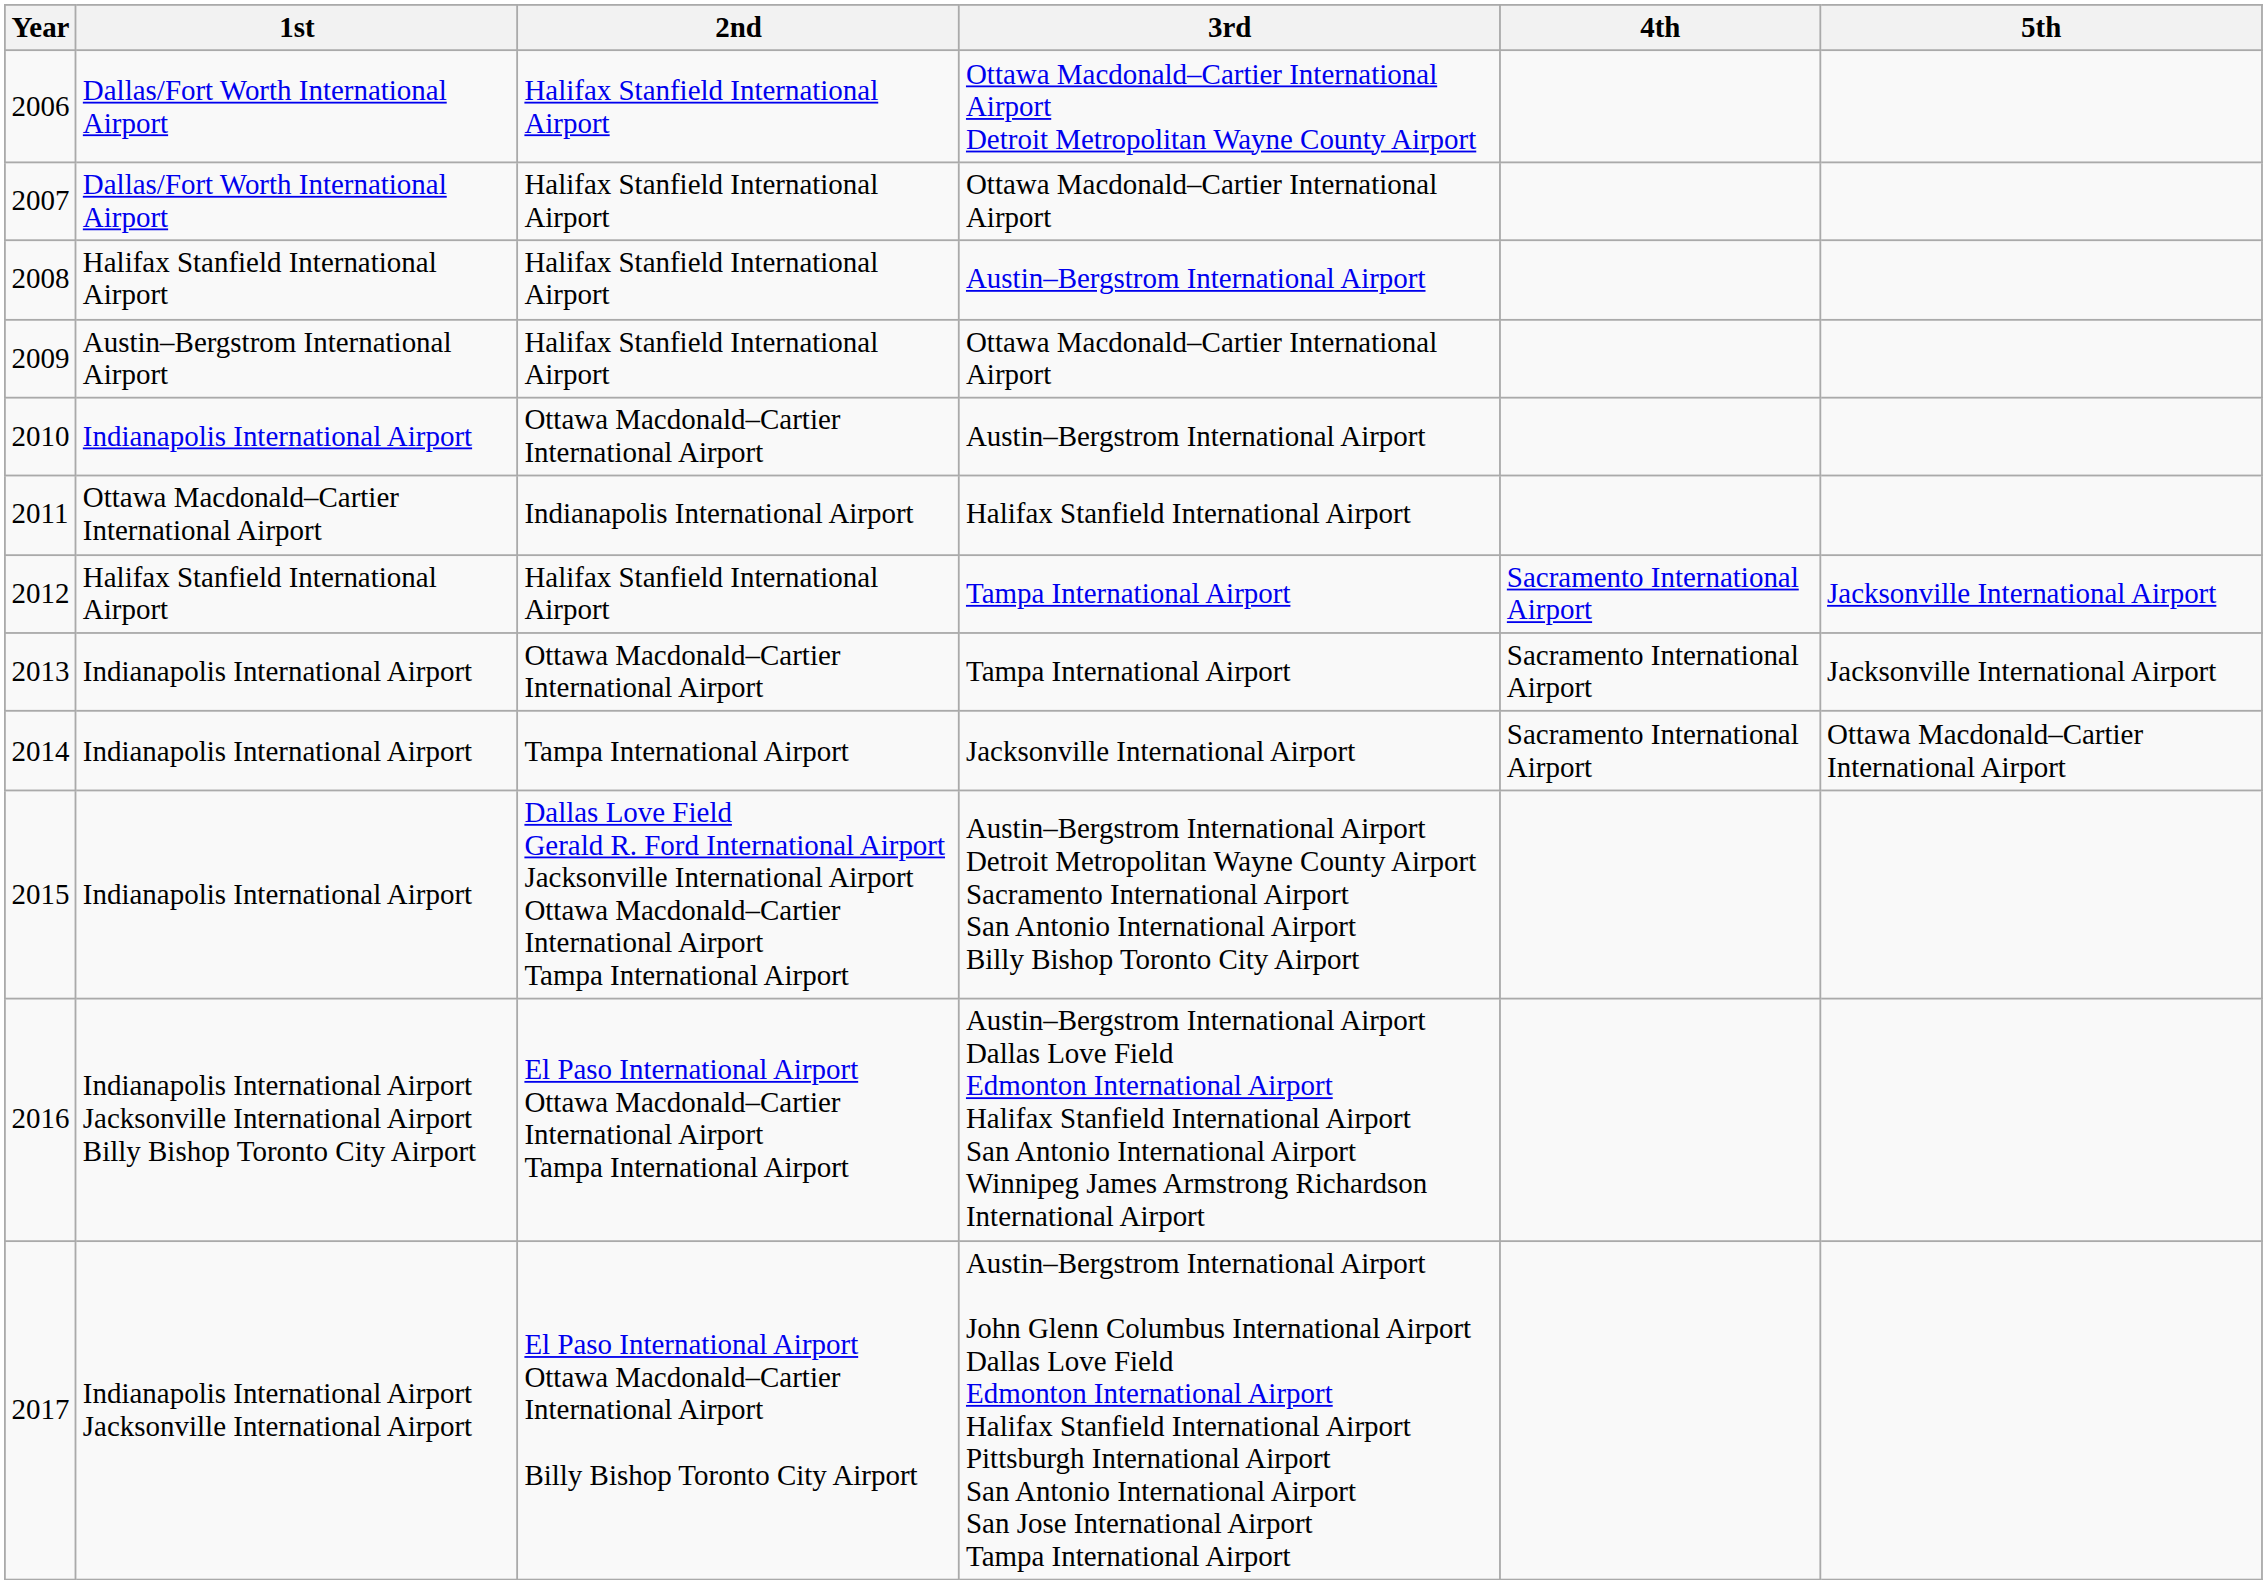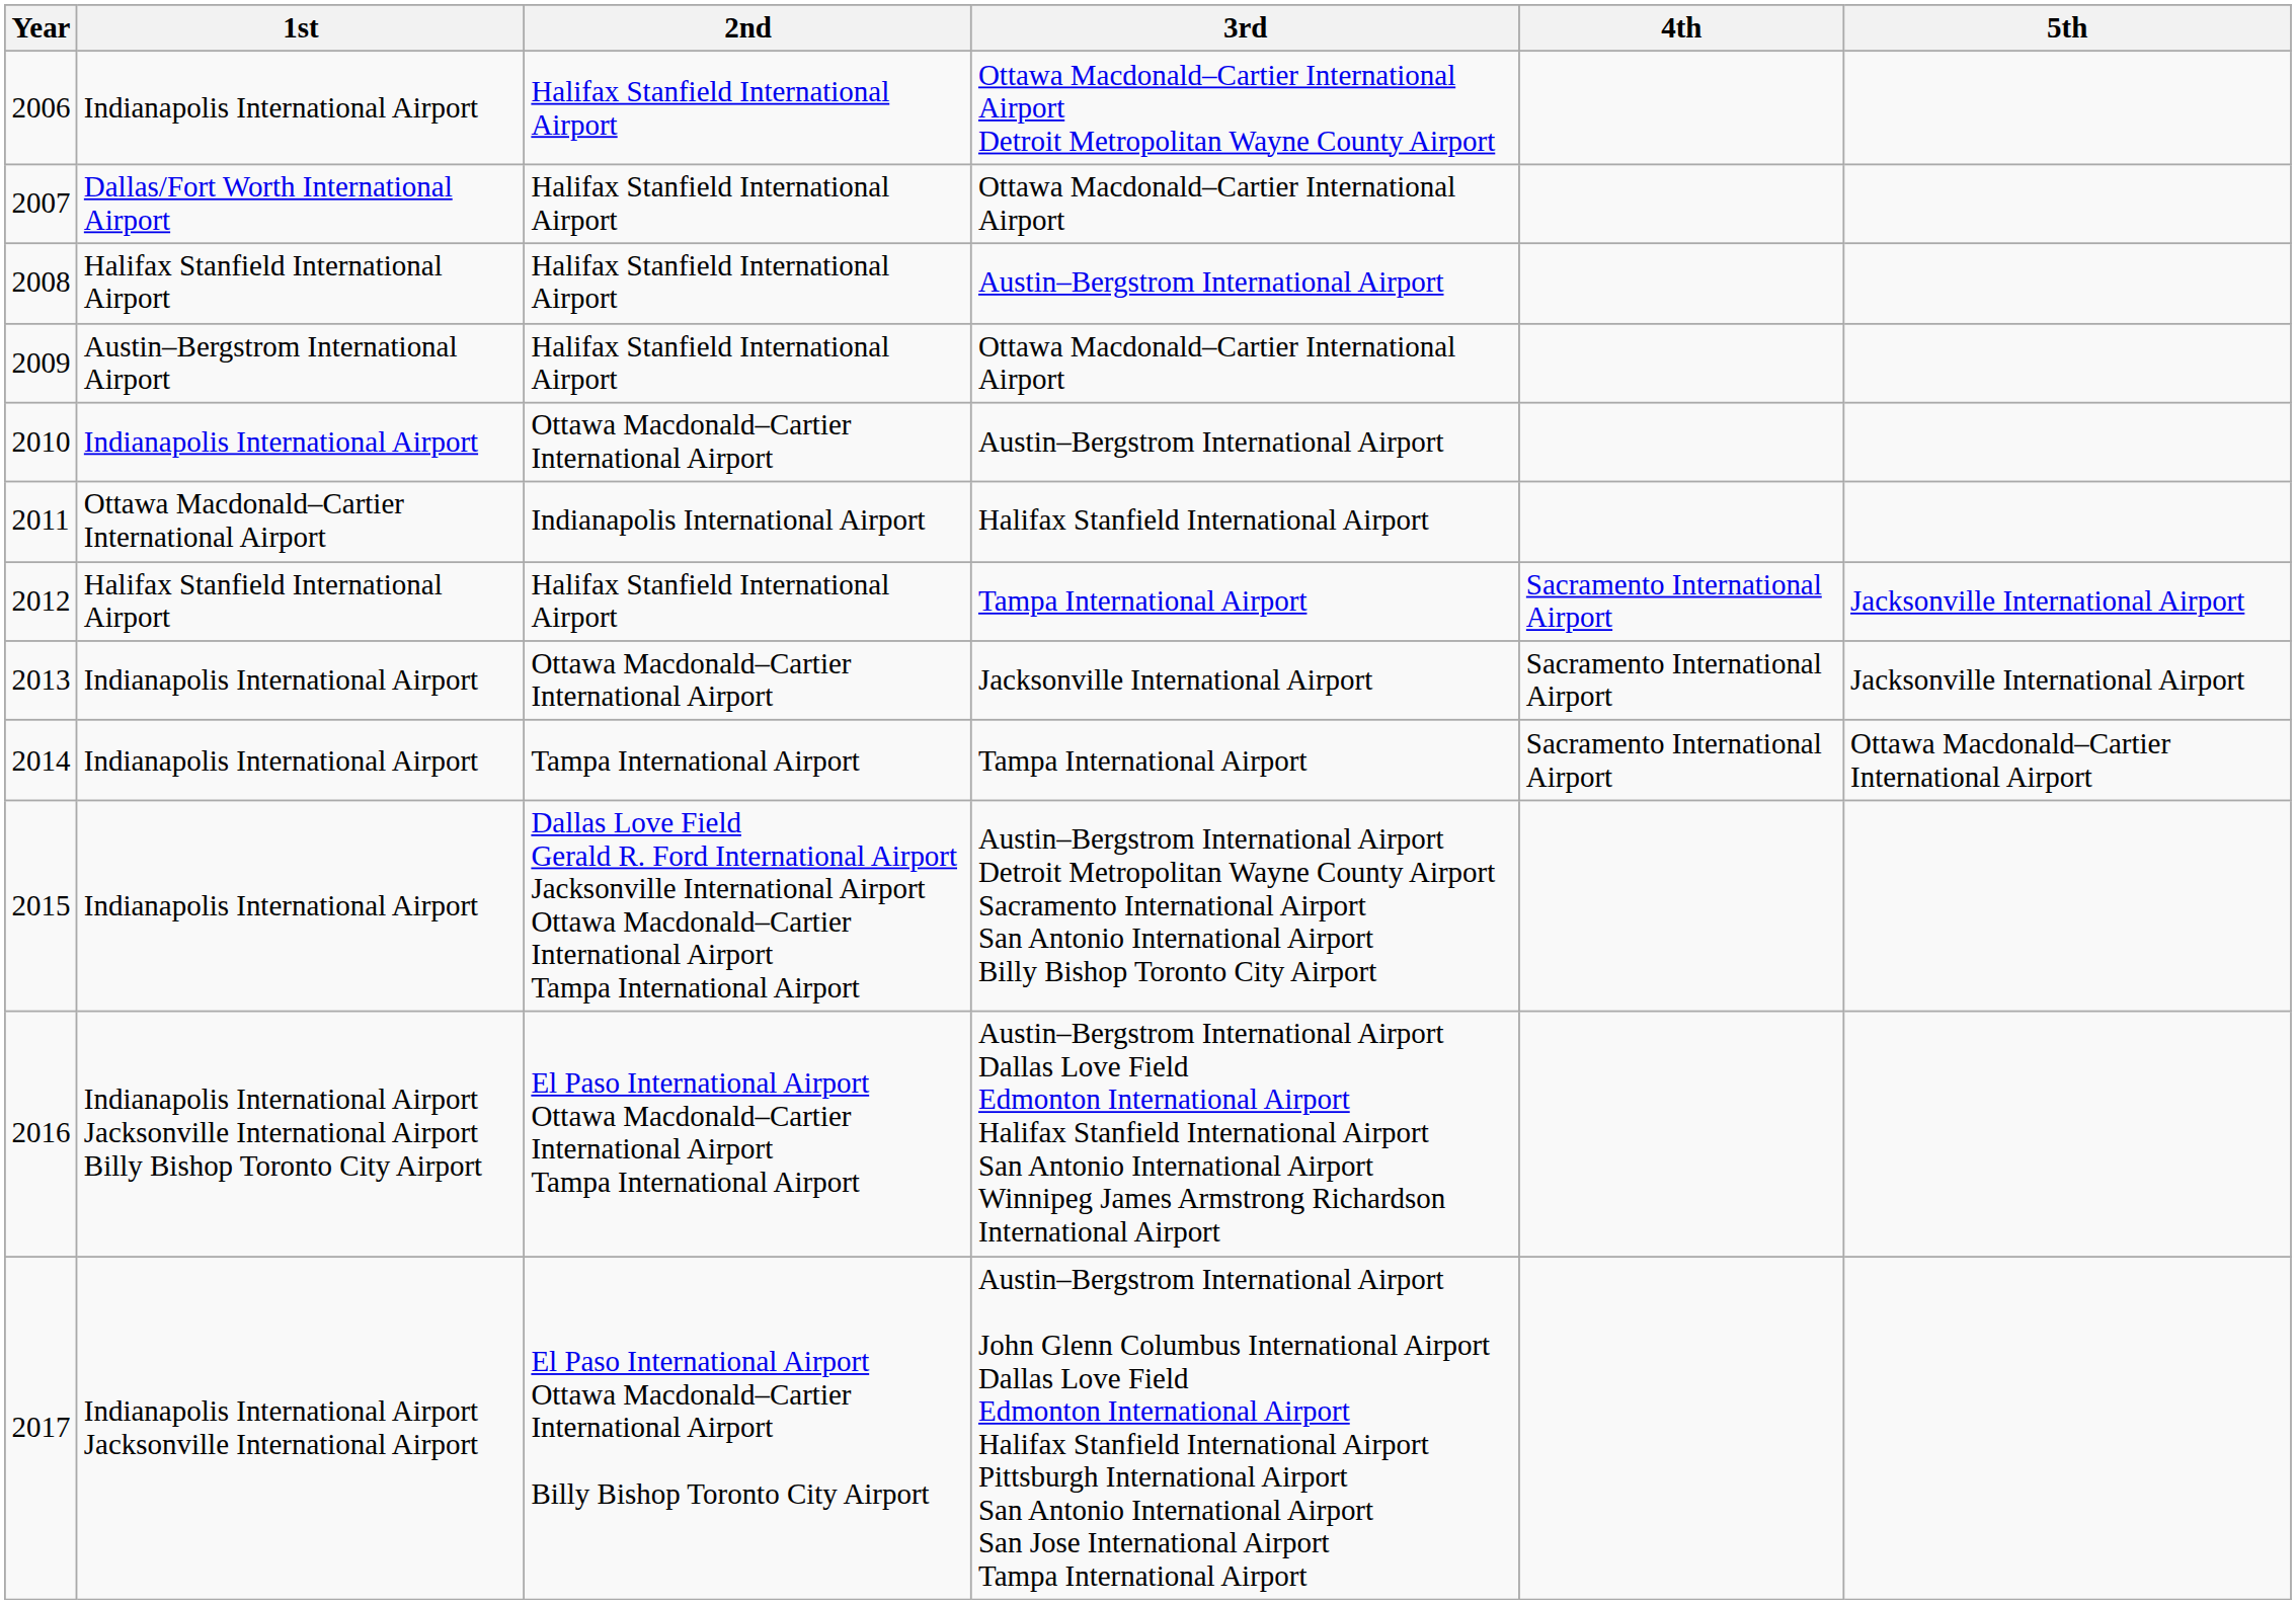 <table class="wikitable">
 <tr>
 <th>Year</th>
 <th>1st</th>
 <th>2nd</th>
 <th>3rd</th>
 <th>4th</th>
 <th>5th</th>
 </tr>
 <tr>
 <td>2006</td>
-<td> <a href='#'>Dallas/Fort Worth International Airport</a></td>
+<td> Indianapolis International Airport</td>
 <td> <a href='#'>Halifax Stanfield International Airport</a></td>
 <td> <a href='#'>Ottawa Macdonald–Cartier International Airport</a><br> <a href='#'>Detroit Metropolitan Wayne County Airport</a></td>
 <td></td>
 <td></td>
 </tr>
 <tr>
 <td>2007</td>
 <td> <a href='#'>Dallas/Fort Worth International Airport</a></td>
 <td> Halifax Stanfield International Airport</td>
 <td> Ottawa Macdonald–Cartier International Airport</td>
 <td></td>
 <td></td>
 </tr>
 <tr>
 <td>2008</td>
 <td> Halifax Stanfield International Airport</td>
 <td> Halifax Stanfield International Airport</td>
 <td> <a href='#'>Austin–Bergstrom International Airport</a></td>
 <td></td>
 <td></td>
 </tr>
 <tr>
 <td>2009</td>
 <td> Austin–Bergstrom International Airport</td>
 <td> Halifax Stanfield International Airport</td>
 <td> Ottawa Macdonald–Cartier International Airport</td>
 <td></td>
 <td></td>
 </tr>
 <tr>
 <td>2010</td>
 <td> <a href='#'>Indianapolis International Airport</a></td>
 <td> Ottawa Macdonald–Cartier International Airport</td>
 <td> Austin–Bergstrom International Airport</td>
 <td></td>
 <td></td>
 </tr>
 <tr>
 <td>2011</td>
 <td> Ottawa Macdonald–Cartier International Airport</td>
 <td> Indianapolis International Airport</td>
 <td> Halifax Stanfield International Airport</td>
 <td></td>
 <td></td>
 </tr>
 <tr>
 <td>2012</td>
 <td> Halifax Stanfield International Airport</td>
 <td> Halifax Stanfield International Airport</td>
 <td> <a href='#'>Tampa International Airport</a></td>
 <td> <a href='#'>Sacramento International Airport</a></td>
 <td> <a href='#'>Jacksonville International Airport</a></td>
 </tr>
 <tr>
 <td>2013</td>
 <td> Indianapolis International Airport</td>
 <td> Ottawa Macdonald–Cartier International Airport</td>
-<td> Tampa International Airport</td>
+<td> Jacksonville International Airport</td>
 <td> Sacramento International Airport</td>
 <td> Jacksonville International Airport</td>
 </tr>
 <tr>
 <td>2014</td>
 <td> Indianapolis International Airport</td>
 <td> Tampa International Airport</td>
-<td> Jacksonville International Airport</td>
+<td> Tampa International Airport</td>
 <td> Sacramento International Airport</td>
 <td> Ottawa Macdonald–Cartier International Airport</td>
 </tr>
 <tr>
 <td>2015</td>
 <td> Indianapolis International Airport</td>
 <td> <a href='#'>Dallas Love Field</a><br> <a href='#'>Gerald R. Ford International Airport</a><br> Jacksonville International Airport<br> Ottawa Macdonald–Cartier International Airport<br> Tampa International Airport</td>
 <td> Austin–Bergstrom International Airport<br> Detroit Metropolitan Wayne County Airport<br> Sacramento International Airport<br> San Antonio International Airport<br> Billy Bishop Toronto City Airport</td>
 <td></td>
 <td></td>
 </tr>
 <tr>
 <td>2016</td>
 <td> Indianapolis International Airport<br> Jacksonville International Airport<br> Billy Bishop Toronto City Airport</td>
 <td> <a href='#'>El Paso International Airport</a><br> Ottawa Macdonald–Cartier International Airport<br> Tampa International Airport</td>
 <td> Austin–Bergstrom International Airport<br> Dallas Love Field<br> <a href='#'>Edmonton International Airport</a><br> Halifax Stanfield International Airport<br> San Antonio International Airport<br> Winnipeg James Armstrong Richardson International Airport</td>
 <td></td>
 <td></td>
 </tr>
 <tr>
 <td>2017</td>
 <td> Indianapolis International Airport<br> Jacksonville International Airport</td>
 <td> <a href='#'>El Paso International Airport</a><br> Ottawa Macdonald–Cartier International Airport<br><br> Billy Bishop Toronto City Airport</td>
 <td> Austin–Bergstrom International Airport<br><br> John Glenn Columbus International Airport <br>  Dallas Love Field<br> <a href='#'>Edmonton International Airport</a><br> Halifax Stanfield International Airport<br>  Pittsburgh International Airport<br>  San Antonio International Airport<br>  San Jose International Airport<br>  Tampa International Airport</td>
 <td></td>
 <td></td>
 </tr>
 </table>
